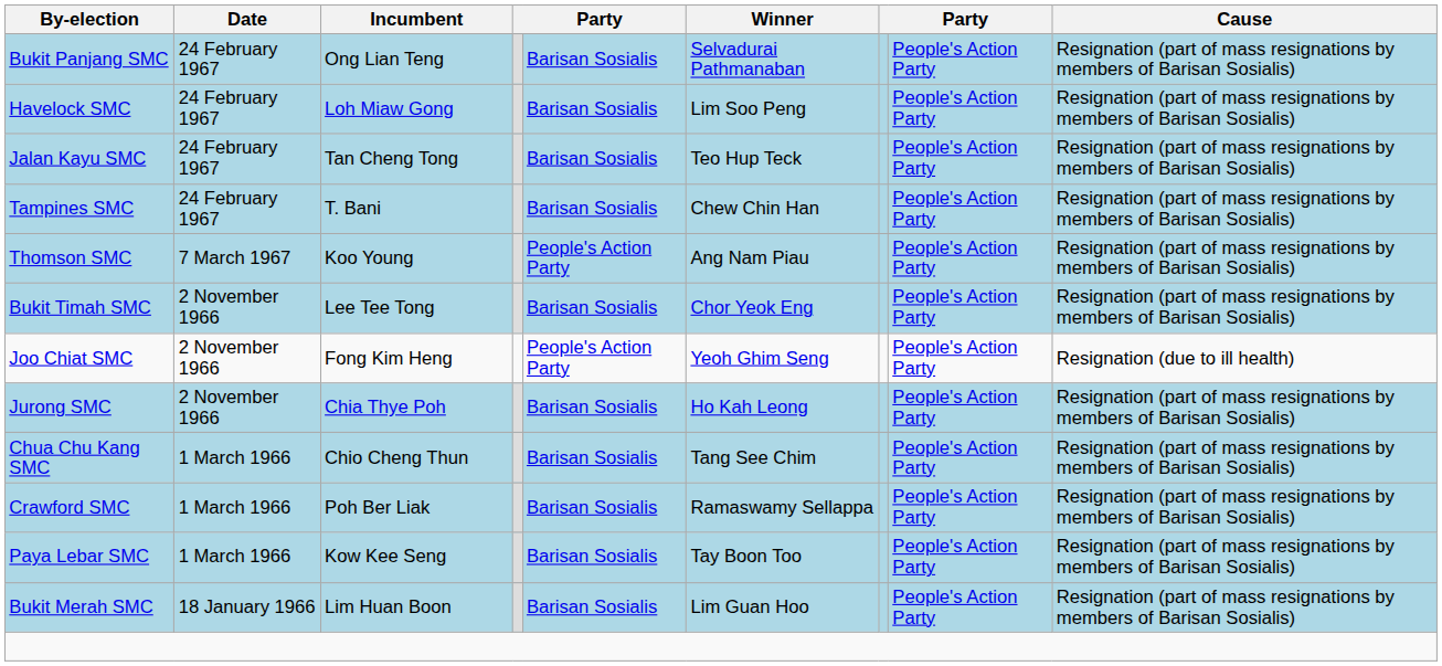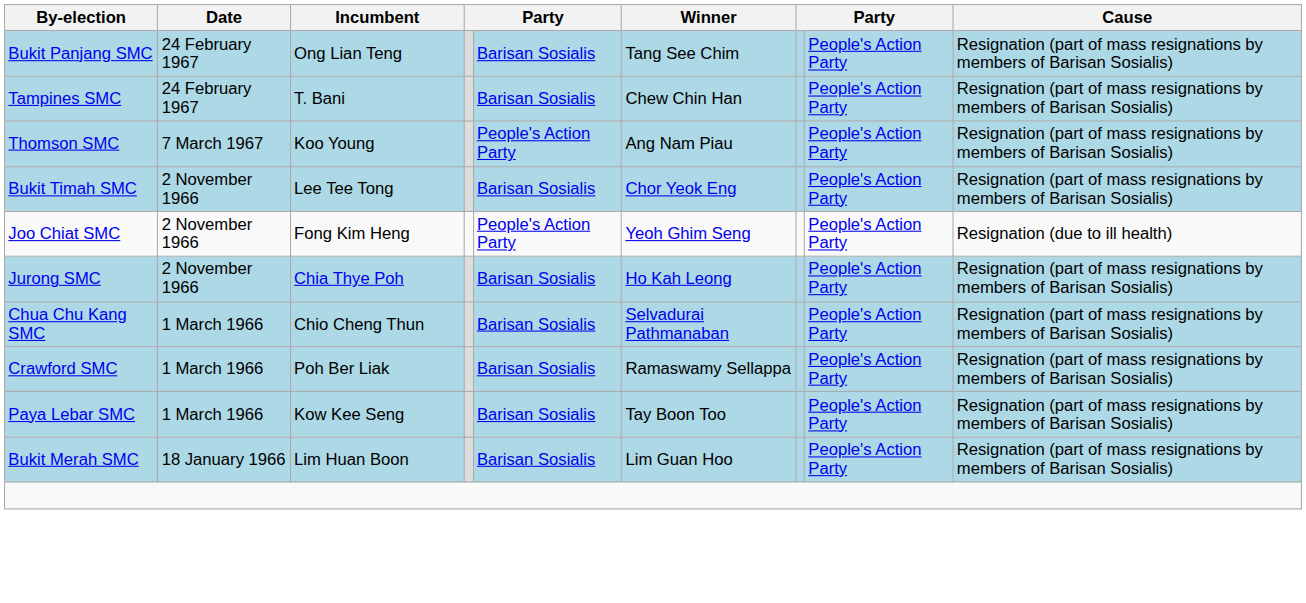 <table class="wikitable">
 <tr>
 <th ! scope="col" width="140px">By-election</th>
 <th ! scope="col" width="120px">Date</th>
 <th ! scope="col" width="160px">Incumbent</th>
 <th ! scope="col" width="200px" colspan=2>Party</th>
 <th ! scope="col" width="160px">Winner</th>
 <th ! scope="col" width="200px" colspan=2>Party</th>
 <th ! scope="col">Cause</th>
 </tr>
 <tr bgcolor=lightblue>
 <td><a href='#'>Bukit Panjang SMC</a></td>
 <td>24 February 1967</td>
 <td>Ong Lian Teng</td>
 <td bgcolor=DDDDDD></td>
 <td><a href='#'>Barisan Sosialis</a></td>
-<td><a href='#'>Selvadurai Pathmanaban</a></td>
-<td></td>
-<td><a href='#'>People's Action Party</a></td>
-<td>Resignation (part of mass resignations by members of Barisan Sosialis)</td>
-</tr>
-<tr bgcolor=lightblue>
-<td><a href='#'>Havelock SMC</a></td>
-<td>24 February 1967</td>
-<td><a href='#'>Loh Miaw Gong</a></td>
-<td bgcolor=DDDDDD></td>
-<td><a href='#'>Barisan Sosialis</a></td>
-<td>Lim Soo Peng</td>
-<td></td>
-<td><a href='#'>People's Action Party</a></td>
-<td>Resignation (part of mass resignations by members of Barisan Sosialis)</td>
-</tr>
-<tr bgcolor=lightblue>
-<td><a href='#'>Jalan Kayu SMC</a></td>
-<td>24 February 1967</td>
-<td>Tan Cheng Tong</td>
-<td bgcolor=DDDDDD></td>
-<td><a href='#'>Barisan Sosialis</a></td>
-<td>Teo Hup Teck</td>
+<td>Tang See Chim</td>
 <td></td>
 <td><a href='#'>People's Action Party</a></td>
 <td>Resignation (part of mass resignations by members of Barisan Sosialis)</td>
 </tr>
 <tr bgcolor=lightblue>
 <td><a href='#'>Tampines SMC</a></td>
 <td>24 February 1967</td>
 <td>T. Bani</td>
 <td bgcolor=DDDDDD></td>
 <td><a href='#'>Barisan Sosialis</a></td>
 <td>Chew Chin Han</td>
 <td></td>
 <td><a href='#'>People's Action Party</a></td>
 <td>Resignation (part of mass resignations by members of Barisan Sosialis)</td>
 </tr>
 <tr bgcolor=lightblue>
 <td><a href='#'>Thomson SMC</a></td>
 <td>7 March 1967</td>
 <td>Koo Young</td>
 <td bgcolor=DDDDDD></td>
 <td><a href='#'>People's Action Party</a></td>
 <td>Ang Nam Piau</td>
 <td></td>
 <td><a href='#'>People's Action Party</a></td>
 <td>Resignation (part of mass resignations by members of Barisan Sosialis)</td>
 </tr>
 <tr bgcolor=lightblue>
 <td><a href='#'>Bukit Timah SMC</a></td>
 <td>2 November 1966</td>
 <td>Lee Tee Tong</td>
 <td bgcolor=DDDDDD></td>
 <td><a href='#'>Barisan Sosialis</a></td>
 <td><a href='#'>Chor Yeok Eng</a></td>
 <td></td>
 <td><a href='#'>People's Action Party</a></td>
 <td>Resignation (part of mass resignations by members of Barisan Sosialis)</td>
 </tr>
 <tr>
 <td><a href='#'>Joo Chiat SMC</a></td>
 <td>2 November 1966</td>
 <td>Fong Kim Heng</td>
 <td></td>
 <td><a href='#'>People's Action Party</a></td>
 <td><a href='#'>Yeoh Ghim Seng</a></td>
 <td></td>
 <td><a href='#'>People's Action Party</a></td>
 <td>Resignation (due to ill health)</td>
 </tr>
 <tr bgcolor=lightblue>
 <td><a href='#'>Jurong SMC</a></td>
 <td>2 November 1966</td>
 <td><a href='#'>Chia Thye Poh</a></td>
 <td bgcolor=DDDDDD></td>
 <td><a href='#'>Barisan Sosialis</a></td>
 <td><a href='#'>Ho Kah Leong</a></td>
 <td></td>
 <td><a href='#'>People's Action Party</a></td>
 <td>Resignation (part of mass resignations by members of Barisan Sosialis)</td>
 </tr>
 <tr bgcolor=lightblue>
 <td><a href='#'>Chua Chu Kang SMC</a></td>
 <td>1 March 1966</td>
 <td>Chio Cheng Thun</td>
 <td bgcolor=DDDDDD></td>
 <td><a href='#'>Barisan Sosialis</a></td>
-<td>Tang See Chim</td>
+<td><a href='#'>Selvadurai Pathmanaban</a></td>
 <td></td>
 <td><a href='#'>People's Action Party</a></td>
 <td>Resignation (part of mass resignations by members of Barisan Sosialis)</td>
 </tr>
 <tr bgcolor=lightblue>
 <td><a href='#'>Crawford SMC</a></td>
 <td>1 March 1966</td>
 <td>Poh Ber Liak</td>
 <td bgcolor=DDDDDD></td>
 <td><a href='#'>Barisan Sosialis</a></td>
 <td>Ramaswamy Sellappa</td>
 <td></td>
 <td><a href='#'>People's Action Party</a></td>
 <td>Resignation (part of mass resignations by members of Barisan Sosialis)</td>
 </tr>
 <tr bgcolor=lightblue>
 <td><a href='#'>Paya Lebar SMC</a></td>
 <td>1 March 1966</td>
 <td>Kow Kee Seng</td>
 <td bgcolor=DDDDDD></td>
 <td><a href='#'>Barisan Sosialis</a></td>
 <td>Tay Boon Too</td>
 <td></td>
 <td><a href='#'>People's Action Party</a></td>
 <td>Resignation (part of mass resignations by members of Barisan Sosialis)</td>
 </tr>
 <tr bgcolor=lightblue>
 <td><a href='#'>Bukit Merah SMC</a></td>
 <td>18 January 1966</td>
 <td>Lim Huan Boon</td>
 <td bgcolor=DDDDDD></td>
 <td><a href='#'>Barisan Sosialis</a></td>
 <td>Lim Guan Hoo</td>
 <td></td>
 <td><a href='#'>People's Action Party</a></td>
 <td>Resignation (part of mass resignations by members of Barisan Sosialis)</td>
 </tr>
 <tr>
 <td colspan=9><br></td>
 </tr>
 </table>
